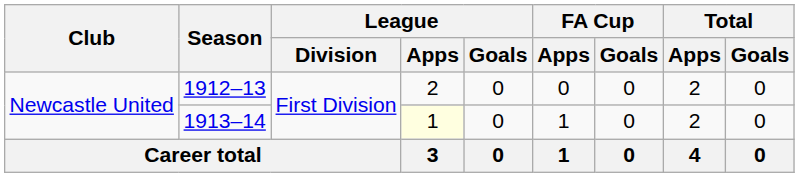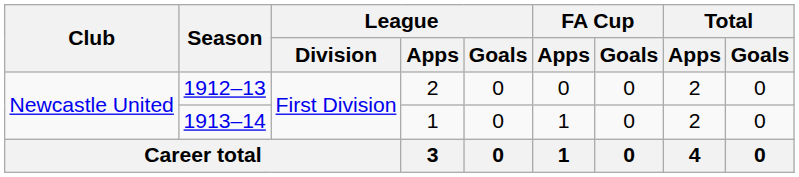 <table class="wikitable" style="text-align: center">
 <tr>
 <th rowspan="2">Club</th>
 <th rowspan="2">Season</th>
 <th colspan="3">League</th>
 <th colspan="2">FA Cup</th>
 <th colspan="2">Total</th>
 </tr>
 <tr>
 <th>Division</th>
 <th>Apps</th>
 <th>Goals</th>
 <th>Apps</th>
 <th>Goals</th>
 <th>Apps</th>
 <th>Goals</th>
 </tr>
 <tr>
 <td rowspan="2"><a href='#'>Newcastle United</a></td>
 <td><a href='#'>1912–13</a></td>
 <td rowspan="2"><a href='#'>First Division</a></td>
 <td>2</td>
 <td>0</td>
 <td>0</td>
 <td>0</td>
 <td>2</td>
 <td>0</td>
 </tr>
 <tr>
 <td><a href='#'>1913–14</a></td>
-<td style="background: lightyellow;">1</td>
+<td>1</td>
 <td>0</td>
 <td>1</td>
 <td>0</td>
 <td>2</td>
 <td>0</td>
 </tr>
 <tr>
 <th colspan="3">Career total</th>
 <th>3</th>
 <th>0</th>
 <th>1</th>
 <th>0</th>
 <th>4</th>
 <th>0</th>
 </tr>
 </table>
